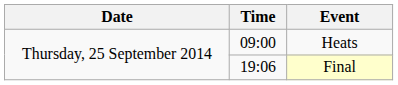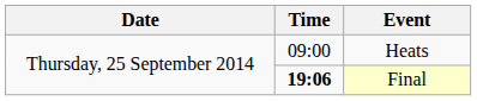 <table class = "wikitable" style="text-align:center;">
 <tr>
 <th width=220>Date</th>
 <th width=50>Time</th>
 <th width=100>Event</th>
 </tr>
 <tr>
 <td rowspan=2>Thursday, 25 September 2014</td>
 <td>09:00</td>
 <td>Heats</td>
 </tr>
 <tr>
-<td>19:06</td>
+<td><strong>19:06</strong></td>
 <td bgcolor=ffffcc>Final</td>
 </tr>
 </table>
